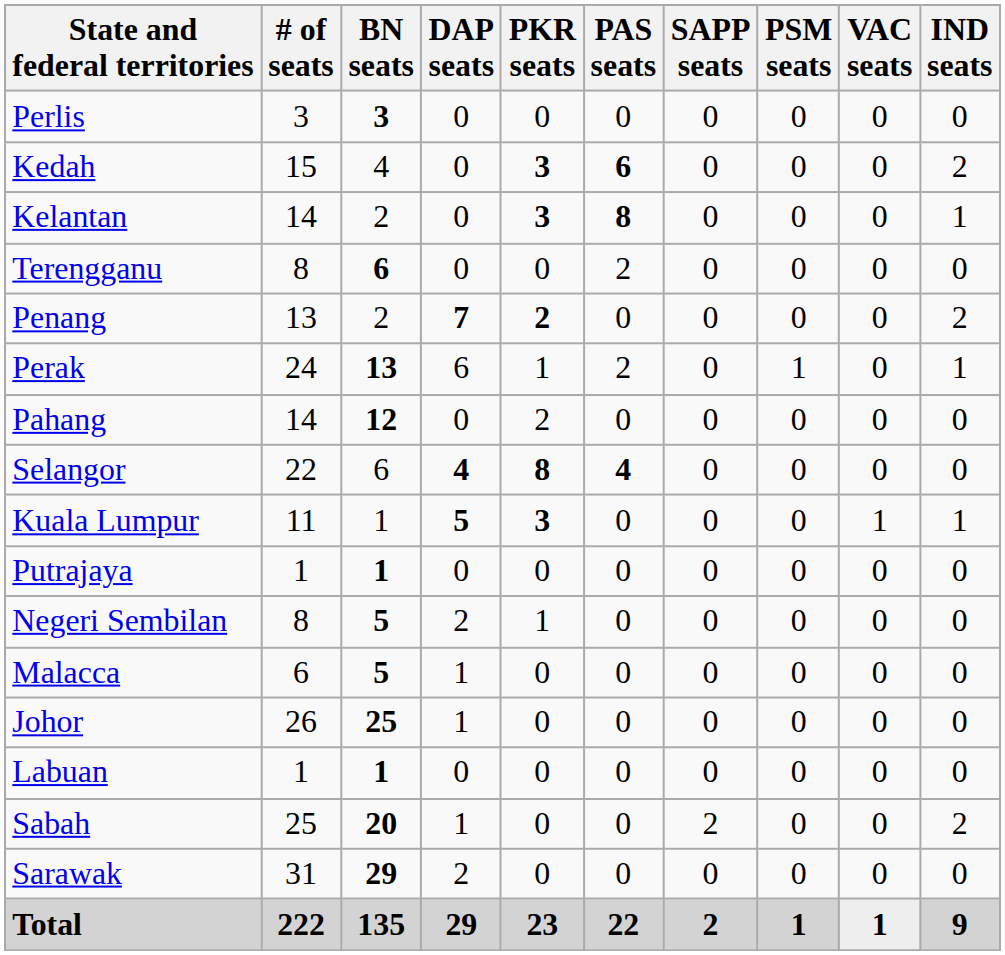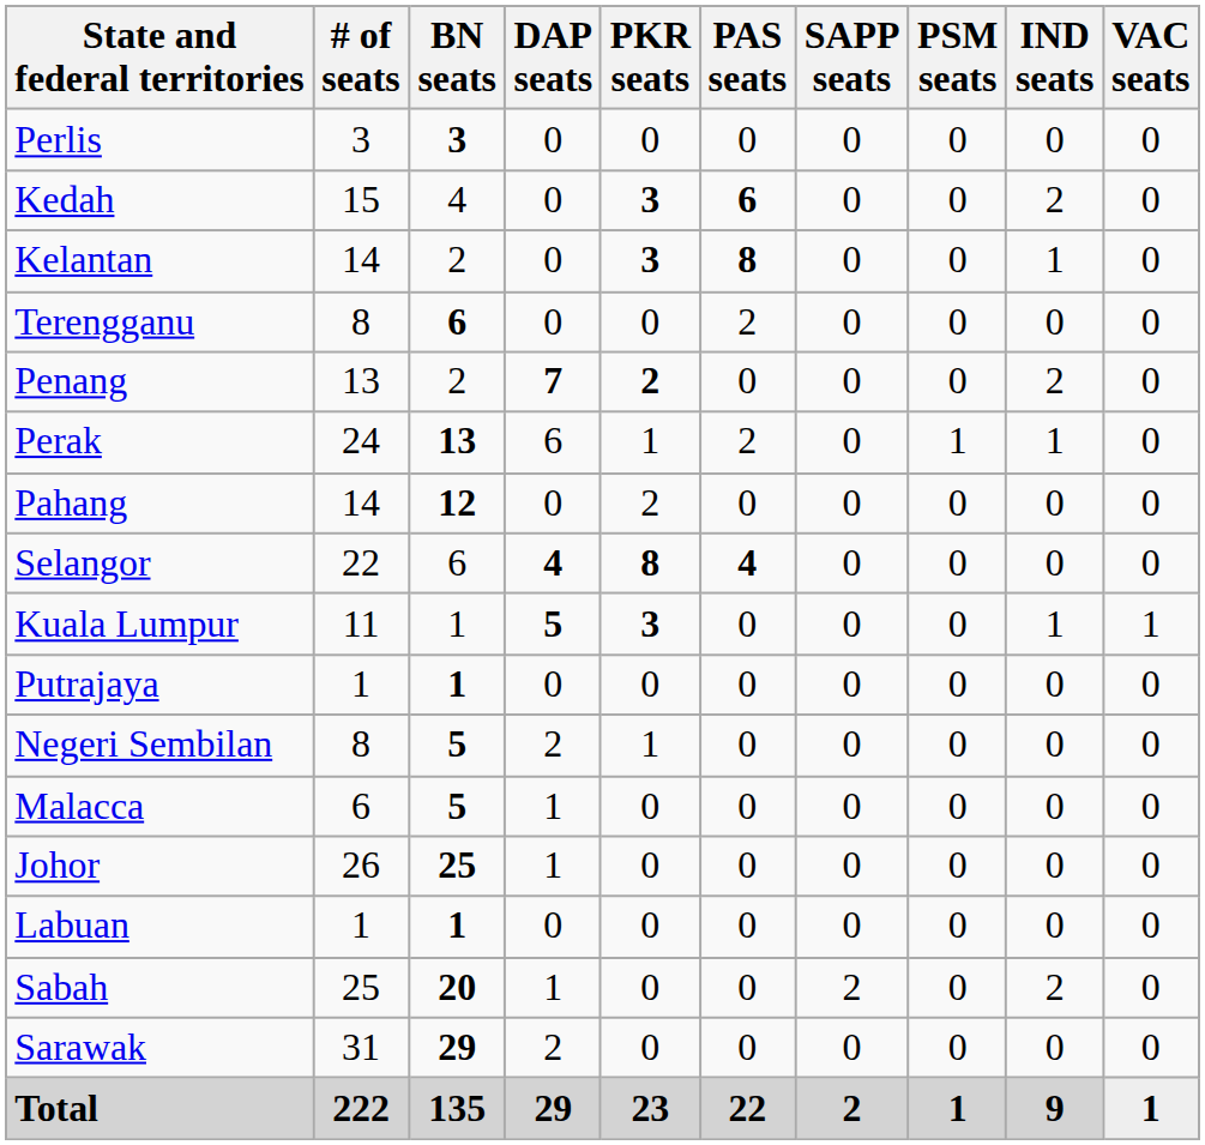 <table class="wikitable sortable" style="text-align:center">
 <tr>
 <th>State and<br>federal territories</th>
 <th># of<br>seats</th>
 <th>BN<br>seats</th>
 <th>DAP<br>seats</th>
 <th>PKR<br>seats</th>
 <th>PAS<br>seats</th>
 <th>SAPP<br>seats</th>
 <th>PSM<br>seats</th>
+<th>IND<br>seats</th>
 <th>VAC<br>seats</th>
-<th>IND<br>seats</th>
 </tr>
 <tr>
 <td style="text-align:left"> <a href='#'>Perlis</a></td>
 <td>3</td>
 <td><strong>3</strong></td>
 <td>0</td>
 <td>0</td>
 <td>0</td>
 <td>0</td>
 <td>0</td>
 <td>0</td>
 <td>0</td>
 </tr>
 <tr>
 <td style="text-align:left"> <a href='#'>Kedah</a></td>
 <td>15</td>
 <td>4</td>
 <td>0</td>
 <td><strong>3</strong></td>
 <td><strong>6</strong></td>
 <td>0</td>
 <td>0</td>
+<td>2</td>
 <td>0</td>
-<td>2</td>
 </tr>
 <tr>
 <td style="text-align:left"> <a href='#'>Kelantan</a></td>
 <td>14</td>
 <td>2</td>
 <td>0</td>
 <td><strong>3</strong></td>
 <td><strong>8</strong></td>
 <td>0</td>
 <td>0</td>
+<td>1</td>
 <td>0</td>
-<td>1</td>
 </tr>
 <tr>
 <td style="text-align:left"> <a href='#'>Terengganu</a></td>
 <td>8</td>
 <td><strong>6</strong></td>
 <td>0</td>
 <td>0</td>
 <td>2</td>
 <td>0</td>
 <td>0</td>
 <td>0</td>
 <td>0</td>
 </tr>
 <tr>
 <td style="text-align:left"> <a href='#'>Penang</a></td>
 <td>13</td>
 <td>2</td>
 <td><strong>7</strong></td>
 <td><strong>2</strong></td>
 <td>0</td>
 <td>0</td>
 <td>0</td>
+<td>2</td>
 <td>0</td>
-<td>2</td>
 </tr>
 <tr>
 <td style="text-align:left"> <a href='#'>Perak</a></td>
 <td>24</td>
 <td><strong>13</strong></td>
 <td>6</td>
 <td>1</td>
 <td>2</td>
 <td>0</td>
 <td>1</td>
+<td>1</td>
 <td>0</td>
-<td>1</td>
 </tr>
 <tr>
 <td style="text-align:left"> <a href='#'>Pahang</a></td>
 <td>14</td>
 <td><strong>12</strong></td>
 <td>0</td>
 <td>2</td>
 <td>0</td>
 <td>0</td>
 <td>0</td>
 <td>0</td>
 <td>0</td>
 </tr>
 <tr>
 <td style="text-align:left"> <a href='#'>Selangor</a></td>
 <td>22</td>
 <td>6</td>
 <td><strong>4</strong></td>
 <td><strong>8</strong></td>
 <td><strong>4</strong></td>
 <td>0</td>
 <td>0</td>
 <td>0</td>
 <td>0</td>
 </tr>
 <tr>
 <td style="text-align:left"> <a href='#'>Kuala Lumpur</a></td>
 <td>11</td>
 <td>1</td>
 <td><strong>5</strong></td>
 <td><strong>3</strong></td>
 <td>0</td>
 <td>0</td>
 <td>0</td>
 <td>1</td>
 <td>1</td>
 </tr>
 <tr>
 <td style="text-align:left"> <a href='#'>Putrajaya</a></td>
 <td>1</td>
 <td><strong>1</strong></td>
 <td>0</td>
 <td>0</td>
 <td>0</td>
 <td>0</td>
 <td>0</td>
 <td>0</td>
 <td>0</td>
 </tr>
 <tr>
 <td style="text-align:left"> <a href='#'>Negeri Sembilan</a></td>
 <td>8</td>
 <td><strong>5</strong></td>
 <td>2</td>
 <td>1</td>
 <td>0</td>
 <td>0</td>
 <td>0</td>
 <td>0</td>
 <td>0</td>
 </tr>
 <tr>
 <td style="text-align:left"> <a href='#'>Malacca</a></td>
 <td>6</td>
 <td><strong>5</strong></td>
 <td>1</td>
 <td>0</td>
 <td>0</td>
 <td>0</td>
 <td>0</td>
 <td>0</td>
 <td>0</td>
 </tr>
 <tr>
 <td style="text-align:left"> <a href='#'>Johor</a></td>
 <td>26</td>
 <td><strong>25</strong></td>
 <td>1</td>
 <td>0</td>
 <td>0</td>
 <td>0</td>
 <td>0</td>
 <td>0</td>
 <td>0</td>
 </tr>
 <tr>
 <td style="text-align:left"> <a href='#'>Labuan</a></td>
 <td>1</td>
 <td><strong>1</strong></td>
 <td>0</td>
 <td>0</td>
 <td>0</td>
 <td>0</td>
 <td>0</td>
 <td>0</td>
 <td>0</td>
 </tr>
 <tr>
 <td style="text-align:left"> <a href='#'>Sabah</a></td>
 <td>25</td>
 <td><strong>20</strong></td>
 <td>1</td>
 <td>0</td>
 <td>0</td>
 <td>2</td>
 <td>0</td>
+<td>2</td>
 <td>0</td>
-<td>2</td>
 </tr>
 <tr>
 <td style="text-align:left"> <a href='#'>Sarawak</a></td>
 <td>31</td>
 <td><strong>29</strong></td>
 <td>2</td>
 <td>0</td>
 <td>0</td>
 <td>0</td>
 <td>0</td>
 <td>0</td>
 <td>0</td>
 </tr>
 <tr class="sortbottom" bgcolor="lightgrey">
 <td style="text-align:left"><strong>Total</strong></td>
 <td><strong>222</strong></td>
 <td><span><strong>135</strong></span></td>
 <td><span><strong>29</strong></span></td>
 <td><span><strong>23</strong></span></td>
 <td><span><strong>22</strong></span></td>
 <td><span><strong>2</strong></span></td>
 <td><span><strong>1</strong></span></td>
+<td><span><strong>9</strong></span></td>
 <td style="background-color:#EEEEEE;"><span><strong>1</strong></span></td>
-<td><span><strong>9</strong></span></td>
 </tr>
 </table>
